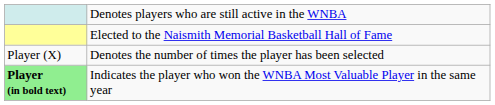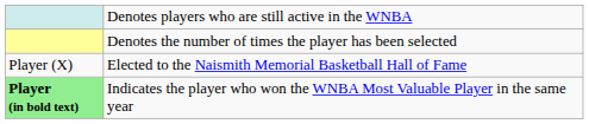 <table class="wikitable sortable">
 <tr>
 <td style="background-color:#CFECEC; border:1px solid #aaaaaa; width:6em"></td>
 <td>Denotes players who are still active in the <a href='#'>WNBA</a></td>
 </tr>
 <tr>
 <td style="background-color:#ff9; border:1px solid #aaaaaa; width:6em"></td>
-<td>Elected to the <a href='#'>Naismith Memorial Basketball Hall of Fame</a></td>
+<td>Denotes the number of times the player has been selected</td>
 </tr>
 <tr>
 <td>Player (X)</td>
-<td>Denotes the number of times the player has been selected</td>
+<td>Elected to the <a href='#'>Naismith Memorial Basketball Hall of Fame</a></td>
 </tr>
 <tr>
 <td style="background: lightgreen;"><strong>Player<br><small>(in bold text)</small></strong></td>
 <td>Indicates the player who won the <a href='#'>WNBA Most Valuable Player</a> in the same year</td>
 </tr>
 </table>
